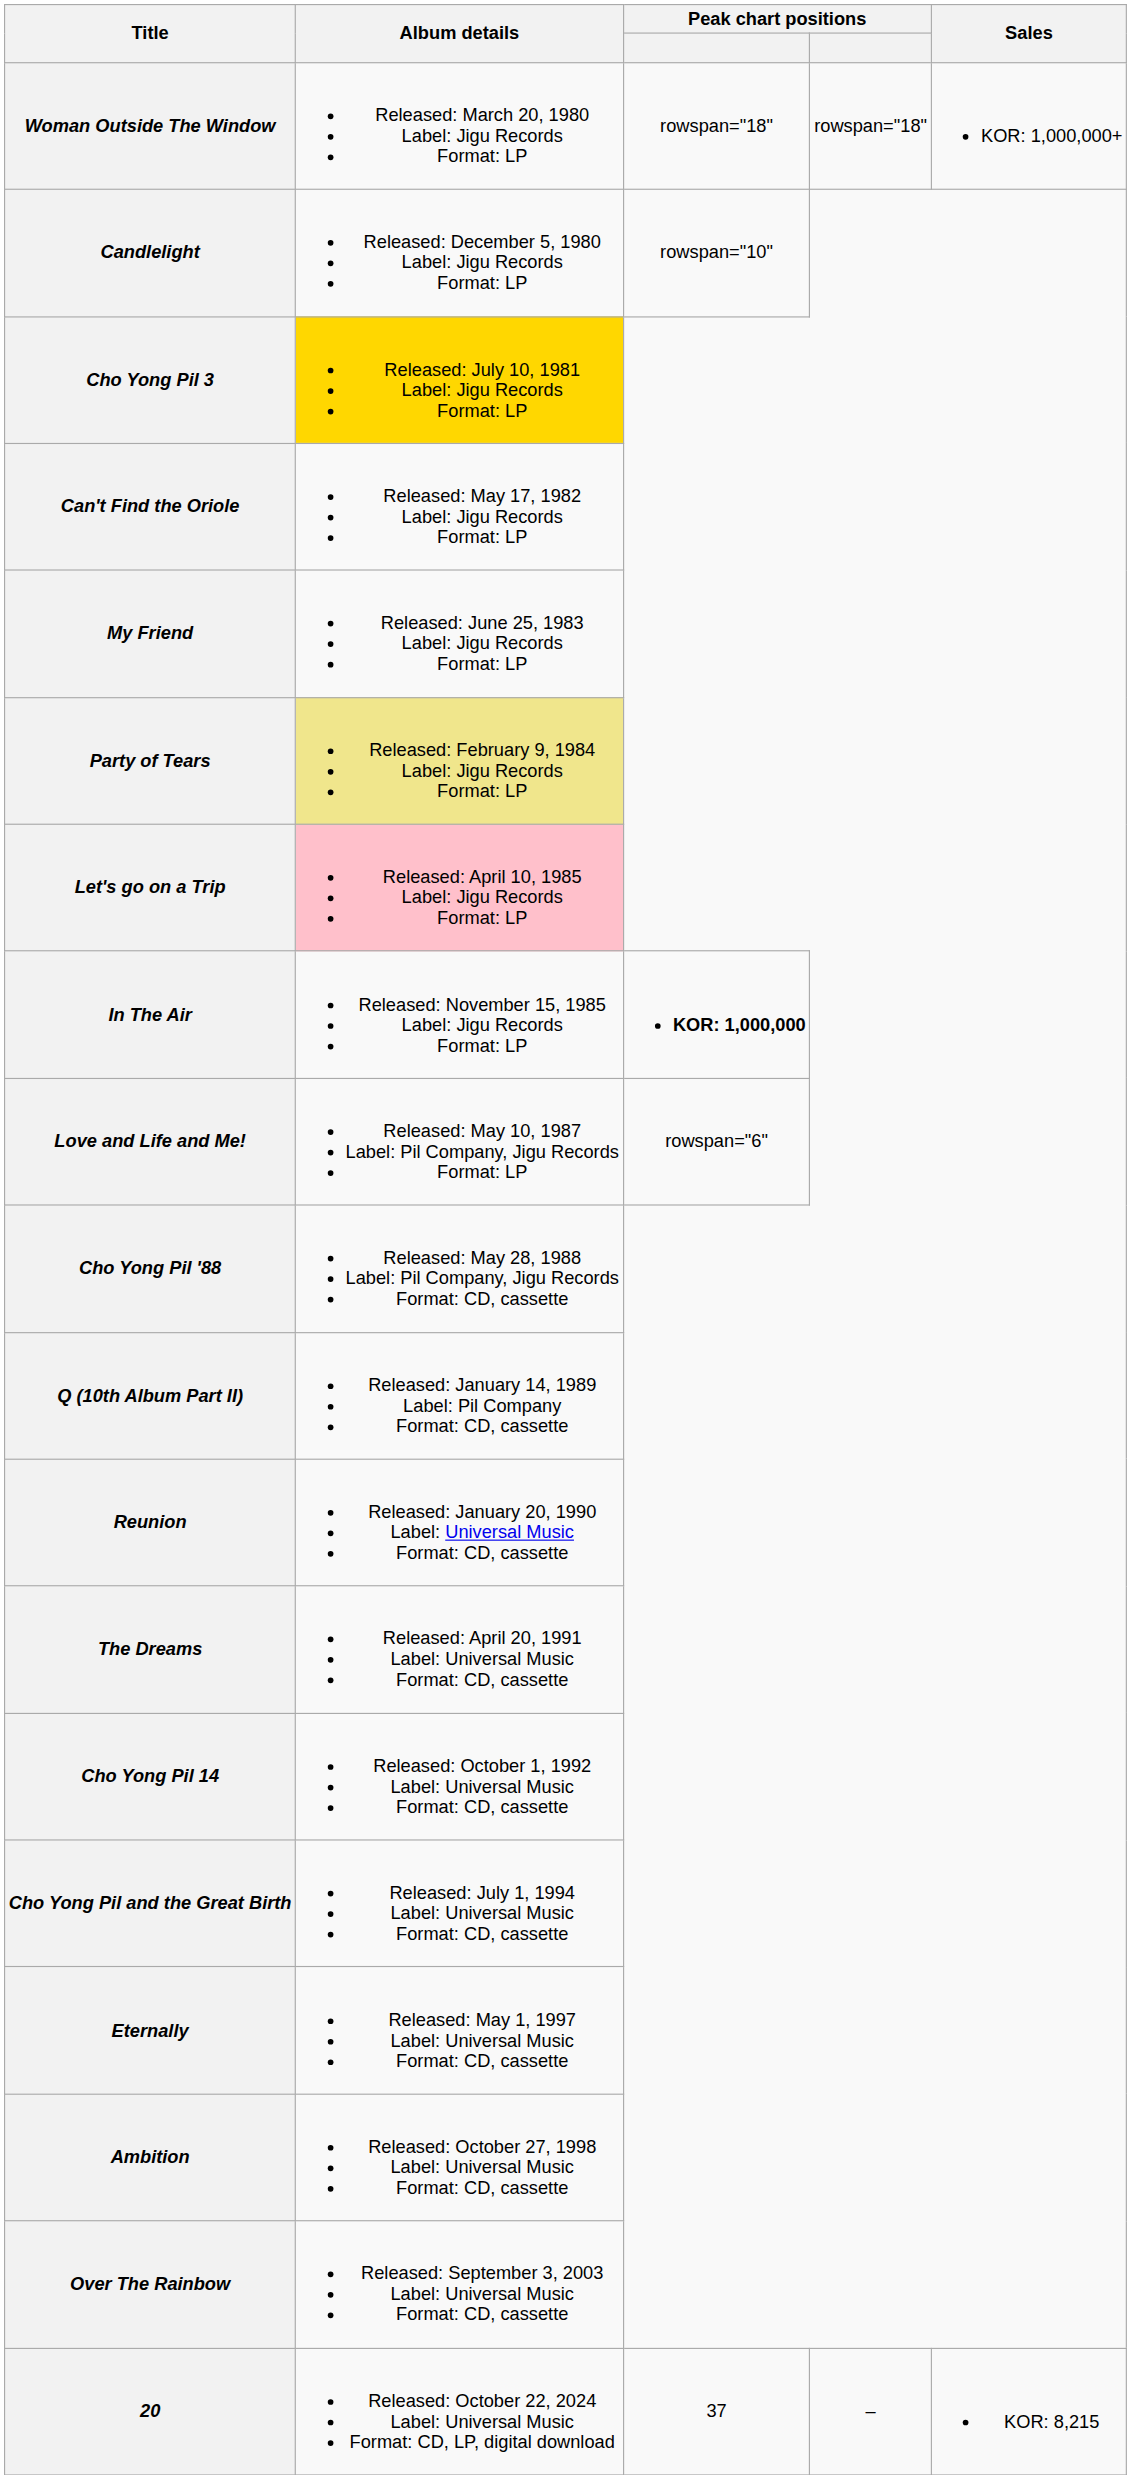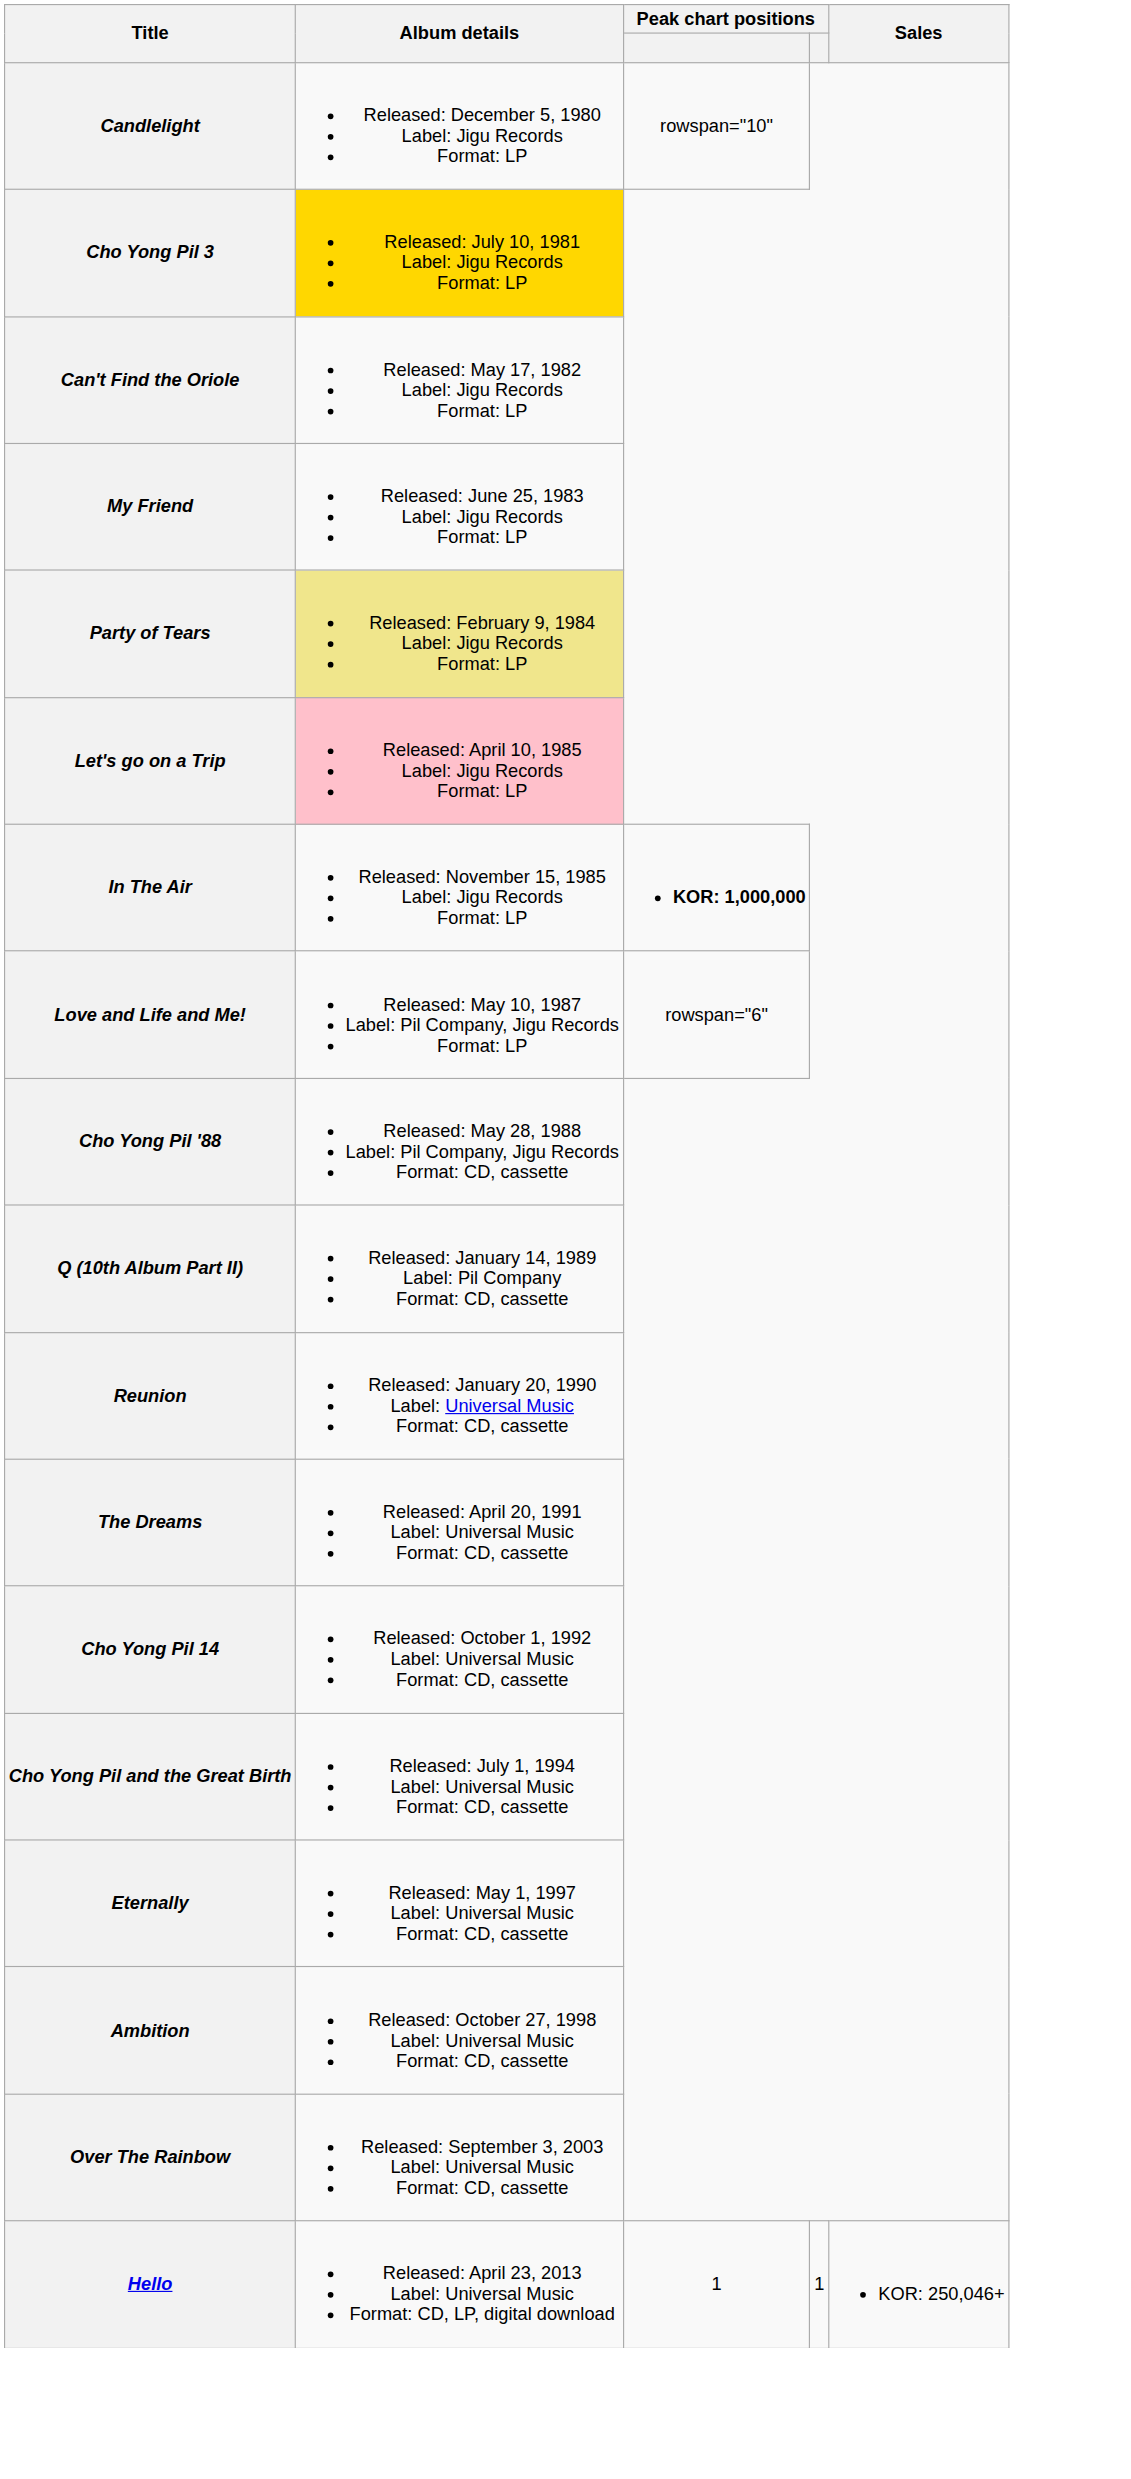 <table class="wikitable plainrowheaders" style="text-align:center">
 <tr>
 <th scope="col" rowspan="2">Title</th>
 <th scope="col" rowspan="2">Album details</th>
 <th scope="col" colspan="2" style="width:5em">Peak chart positions</th>
 <th scope="col" rowspan="2">Sales</th>
 </tr>
 <tr>
 <th><br></th>
 <th><br></th>
-</tr>
-<tr>
-<th scope="row"><em>Woman Outside The Window</em><br></th>
-<td><br><ul><li>Released: March 20, 1980</li><li>Label: Jigu Records</li><li>Format: LP</li></ul></td>
-<td>rowspan="18" </td>
-<td>rowspan="18" </td>
-<td><br><ul><li>KOR: 1,000,000+</li></ul></td>
 </tr>
 <tr>
 <th scope="row"><em>Candlelight</em><br></th>
 <td><br><ul><li>Released: December 5, 1980</li><li>Label: Jigu Records</li><li>Format: LP</li></ul></td>
 <td>rowspan="10" </td>
 </tr>
 <tr>
 <th scope="row"><em>Cho Yong Pil 3</em></th>
 <td style="background: gold;"><br><ul><li>Released: July 10, 1981</li><li>Label: Jigu Records</li><li>Format: LP</li></ul></td>
 </tr>
 <tr>
 <th scope="row"><em>Can't Find the Oriole</em><br></th>
 <td><br><ul><li>Released: May 17, 1982</li><li>Label: Jigu Records</li><li>Format: LP</li></ul></td>
 </tr>
 <tr>
 <th scope="row"><em>My Friend</em><br></th>
 <td><br><ul><li>Released: June 25, 1983</li><li>Label: Jigu Records</li><li>Format: LP</li></ul></td>
 </tr>
 <tr>
 <th scope="row"><em>Party of Tears</em><br></th>
 <td style="background: khaki;"><br><ul><li>Released: February 9, 1984</li><li>Label: Jigu Records</li><li>Format: LP</li></ul></td>
 </tr>
 <tr>
 <th scope="row"><em>Let's go on a Trip</em><br></th>
 <td style="background: pink;"><br><ul><li>Released: April 10, 1985</li><li>Label: Jigu Records</li><li>Format: LP</li></ul></td>
 </tr>
 <tr>
 <th scope="row"><em>In The Air</em><br></th>
 <td><br><ul><li>Released: November 15, 1985</li><li>Label: Jigu Records</li><li>Format: LP</li></ul></td>
 <td><strong><br><ul><li>KOR: 1,000,000</li></ul></strong></td>
 </tr>
 <tr>
 <th scope="row"><em>Love and Life and Me! </em><br></th>
 <td><br><ul><li>Released: May 10, 1987</li><li>Label: Pil Company, Jigu Records</li><li>Format: LP</li></ul></td>
 <td>rowspan="6" </td>
 </tr>
 <tr>
 <th scope="row"><em>Cho Yong Pil '88</em></th>
 <td><br><ul><li>Released: May 28, 1988</li><li>Label: Pil Company, Jigu Records</li><li>Format: CD, cassette</li></ul></td>
 </tr>
 <tr>
 <th scope="row"><em>Q (10th Album Part II)</em><br></th>
 <td><br><ul><li>Released: January 14, 1989</li><li>Label: Pil Company</li><li>Format: CD, cassette</li></ul></td>
 </tr>
 <tr>
 <th scope="row"><em>Reunion</em><br></th>
 <td><br><ul><li>Released: January 20, 1990</li><li>Label: <a href='#'>Universal Music</a></li><li>Format: CD, cassette</li></ul></td>
 </tr>
 <tr>
 <th scope="row"><em>The Dreams</em></th>
 <td><br><ul><li>Released: April 20, 1991</li><li>Label: Universal Music</li><li>Format: CD, cassette</li></ul></td>
 </tr>
 <tr>
 <th scope="row"><em>Cho Yong Pil 14</em></th>
 <td><br><ul><li>Released: October 1, 1992</li><li>Label: Universal Music</li><li>Format: CD, cassette</li></ul></td>
 </tr>
 <tr>
 <th scope="row"><em>Cho Yong Pil and the Great Birth</em><br></th>
 <td><br><ul><li>Released: July 1, 1994</li><li>Label: Universal Music</li><li>Format: CD, cassette</li></ul></td>
 </tr>
 <tr>
 <th scope="row"><em>Eternally</em></th>
 <td><br><ul><li>Released: May 1, 1997</li><li>Label: Universal Music</li><li>Format: CD, cassette</li></ul></td>
 </tr>
 <tr>
 <th scope="row"><em>Ambition</em></th>
 <td><br><ul><li>Released: October 27, 1998</li><li>Label: Universal Music</li><li>Format: CD, cassette</li></ul></td>
 </tr>
 <tr>
 <th scope="row"><em>Over The Rainbow</em></th>
 <td><br><ul><li>Released: September 3, 2003</li><li>Label: Universal Music</li><li>Format: CD, cassette</li></ul></td>
 </tr>
 <tr>
-<th scope="row"><em>20</em></th>
-<td><br><ul><li>Released: October 22, 2024</li><li>Label: Universal Music</li><li>Format: CD, LP, digital download</li></ul></td>
-<td>37</td>
-<td>–</td>
-<td><br><ul><li>KOR: 8,215</li></ul></td>
+<th scope="row"><em><a href='#'>Hello</a></em></th>
+<td><br><ul><li>Released: April 23, 2013</li><li>Label: Universal Music</li><li>Format: CD, LP, digital download</li></ul></td>
+<td>1</td>
+<td>1</td>
+<td><br><ul><li>KOR: 250,046+</li></ul></td>
 </tr>
 </table>
